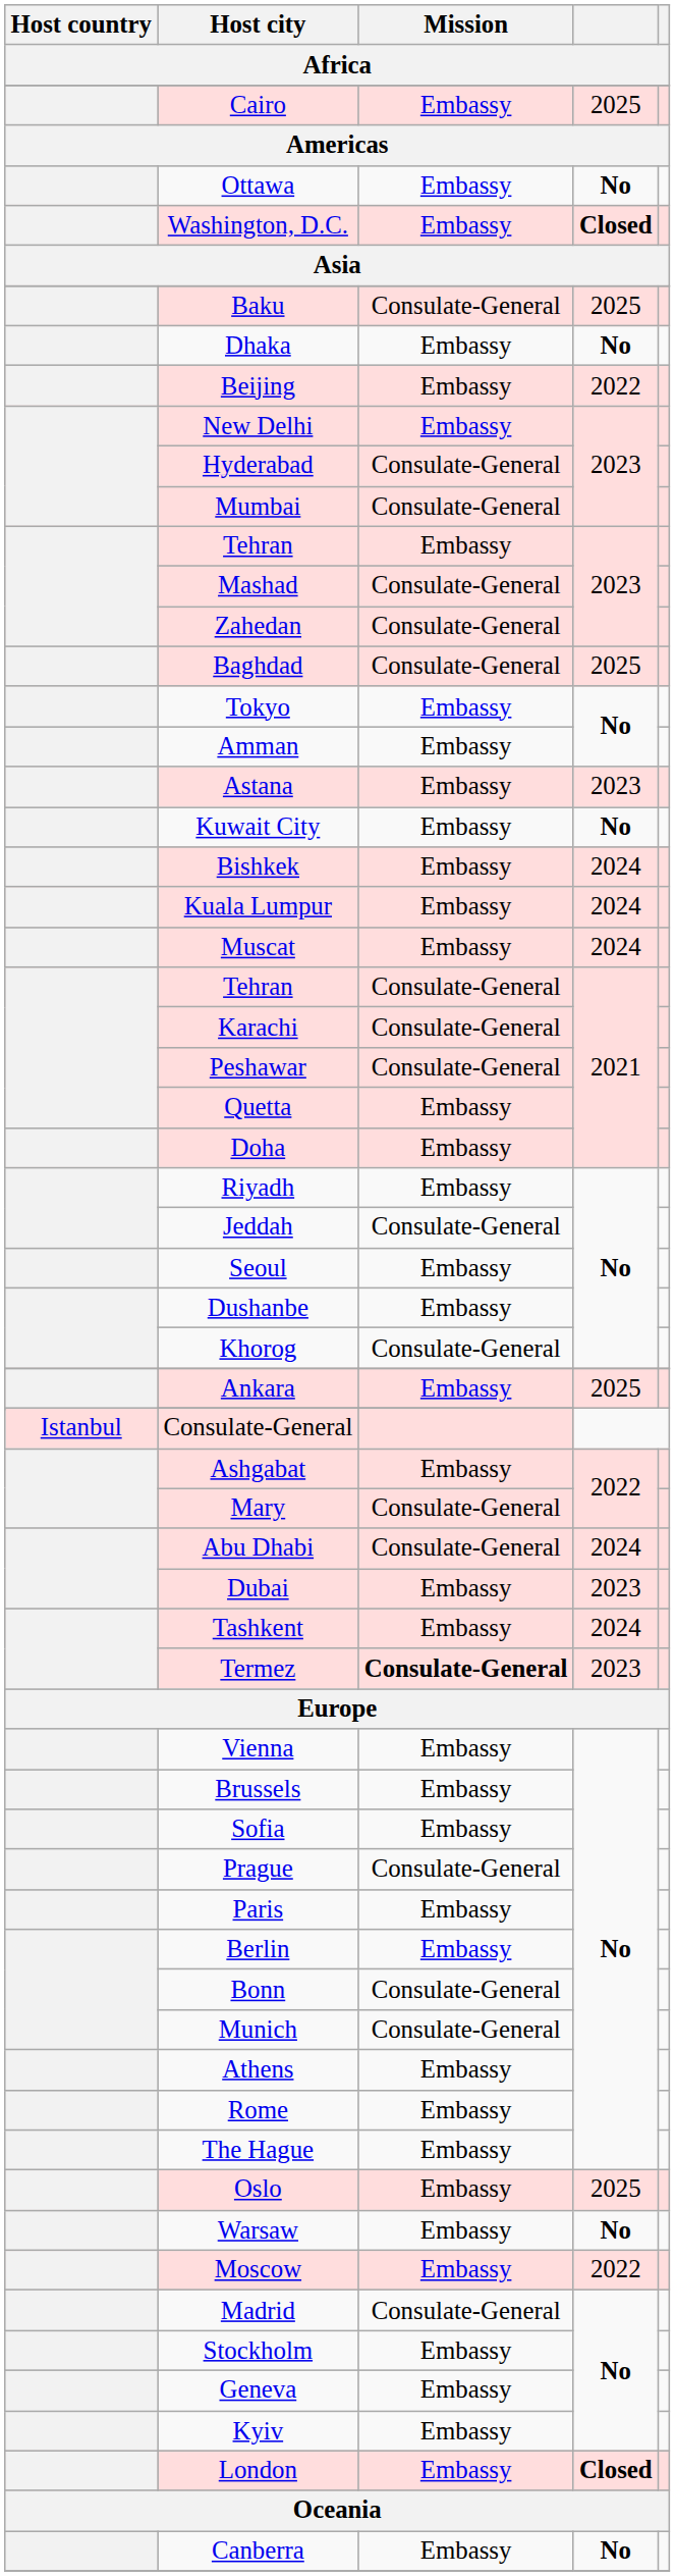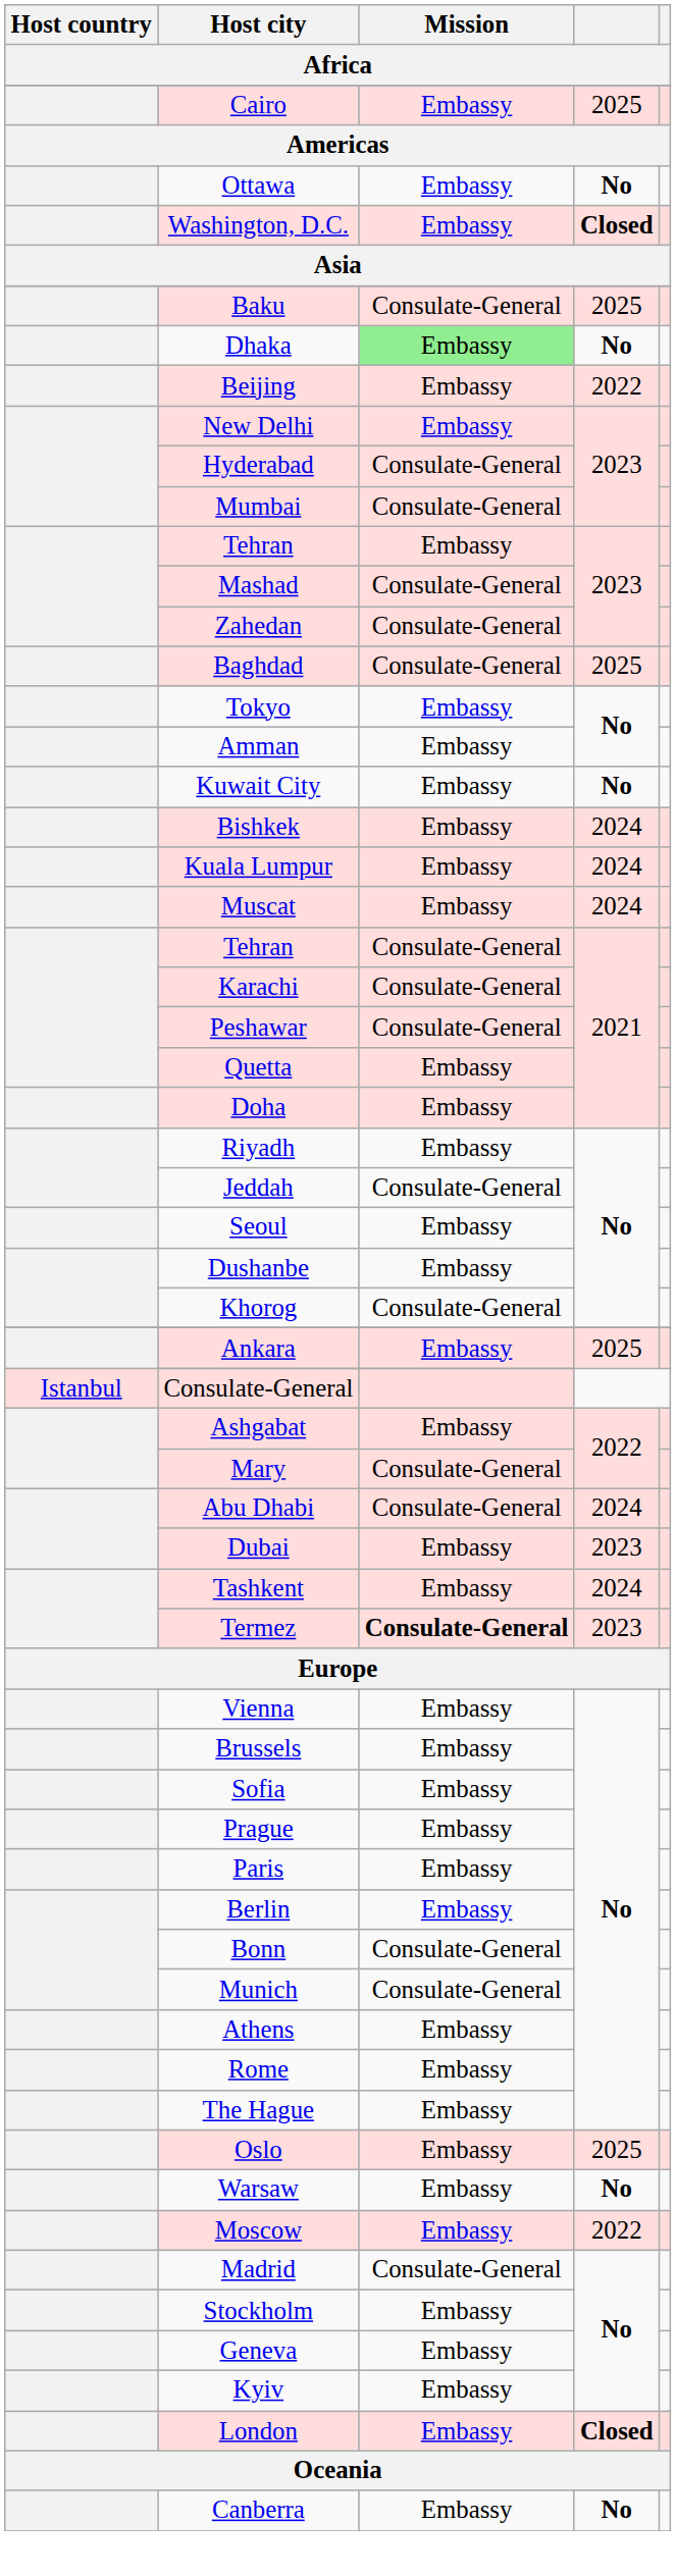 <table class="wikitable plainrowheaders" style="text-align:center;">
 <tr>
 <th scope="col">Host country</th>
 <th scope="col">Host city</th>
 <th scope="col">Mission</th>
 <th scope="col"></th>
 <th scope="col"></th>
 </tr>
 <tr>
 <th colspan=5><div>Africa</div></th>
 </tr>
 <tr>
 </tr>
 <tr style="background:#FDD;">
 <th scope="row"></th>
 <td><a href='#'>Cairo</a></td>
 <td><a href='#'>Embassy</a></td>
 <td>2025</td>
 <td></td>
 </tr>
 <tr>
 <th colspan=5><div>Americas</div></th>
 </tr>
 <tr>
 <th scope="row"></th>
 <td><a href='#'>Ottawa</a></td>
 <td><a href='#'>Embassy</a></td>
 <td><strong>No</strong></td>
 <td></td>
 </tr>
 <tr style="background:#FDD;">
 <th scope="row"></th>
 <td><a href='#'>Washington, D.C.</a></td>
 <td><a href='#'>Embassy</a></td>
 <td><strong>Closed</strong></td>
 <td></td>
 </tr>
 <tr>
 <th colspan=5><div>Asia</div></th>
 </tr>
 <tr>
 </tr>
 <tr style="background:#FDD;">
 <th scope="row"></th>
 <td><a href='#'>Baku</a></td>
 <td>Consulate-General</td>
 <td>2025</td>
 <td></td>
 </tr>
 <tr>
 <th scope="row"></th>
 <td><a href='#'>Dhaka</a></td>
-<td>Embassy</td>
+<td style="background: lightgreen;">Embassy</td>
 <td><strong>No</strong></td>
 <td></td>
 </tr>
 <tr style="background:#FDD;">
 <th scope="row"></th>
 <td><a href='#'>Beijing</a></td>
 <td>Embassy</td>
 <td>2022</td>
 <td></td>
 </tr>
 <tr style="background:#FDD;">
 <th scope="row" ! rowspan="3"></th>
 <td><a href='#'>New Delhi</a></td>
 <td><a href='#'>Embassy</a></td>
 <td rowspan="3">2023</td>
 <td></td>
 </tr>
 <tr style="background:#FDD;">
 <td><a href='#'>Hyderabad</a></td>
 <td>Consulate-General</td>
 <td></td>
 </tr>
 <tr style="background:#FDD;">
 <td><a href='#'>Mumbai</a></td>
 <td>Consulate-General</td>
 <td></td>
 </tr>
 <tr style="background:#FDD;">
 <th scope="row" ! rowspan="3"></th>
 <td><a href='#'>Tehran</a></td>
 <td>Embassy</td>
 <td rowspan="3">2023</td>
 <td></td>
 </tr>
 <tr style="background:#FDD;">
 <td><a href='#'>Mashad</a></td>
 <td>Consulate-General</td>
 <td></td>
 </tr>
 <tr style="background:#FDD;">
 <td><a href='#'>Zahedan</a></td>
 <td>Consulate-General</td>
 <td></td>
 </tr>
 <tr style="background:#FDD;">
 <th scope="row"></th>
 <td><a href='#'>Baghdad</a></td>
 <td>Consulate-General</td>
 <td>2025</td>
 <td></td>
 </tr>
 <tr>
 <th scope="row"></th>
 <td><a href='#'>Tokyo</a></td>
 <td><a href='#'>Embassy</a></td>
 <td rowspan="2"><strong>No</strong></td>
 <td></td>
 </tr>
 <tr>
 <th scope="row"></th>
 <td><a href='#'>Amman</a></td>
 <td>Embassy</td>
-<td></td>
-</tr>
-<tr style="background:#FDD;">
-<th scope="row"></th>
-<td><a href='#'>Astana</a></td>
-<td>Embassy</td>
-<td>2023</td>
 <td></td>
 </tr>
 <tr>
 <th scope="row"></th>
 <td><a href='#'>Kuwait City</a></td>
 <td>Embassy</td>
 <td><strong>No</strong></td>
 <td></td>
 </tr>
 <tr style="background:#FDD;">
 <th scope="row"></th>
 <td><a href='#'>Bishkek</a></td>
 <td>Embassy</td>
 <td>2024</td>
 <td></td>
 </tr>
 <tr style="background:#FDD;">
 <th scope="row"></th>
 <td><a href='#'>Kuala Lumpur</a></td>
 <td>Embassy</td>
 <td>2024</td>
 <td></td>
 </tr>
 <tr style="background:#FDD;">
 <th scope="row"></th>
 <td><a href='#'>Muscat</a></td>
 <td>Embassy</td>
 <td>2024</td>
 <td></td>
 </tr>
 <tr style="background:#FDD;">
 <th scope="row" ! rowspan="4"></th>
 <td><a href='#'>Tehran</a></td>
 <td>Consulate-General</td>
 <td rowspan="5">2021</td>
 <td></td>
 </tr>
 <tr style="background:#FDD;">
 <td><a href='#'>Karachi</a></td>
 <td>Consulate-General</td>
 <td></td>
 </tr>
 <tr style="background:#FDD;">
 <td><a href='#'>Peshawar</a></td>
 <td>Consulate-General</td>
 <td></td>
 </tr>
 <tr style="background:#FDD;">
 <td><a href='#'>Quetta</a></td>
 <td>Embassy</td>
 <td></td>
 </tr>
 <tr style="background:#FDD;">
 <th scope="row"></th>
 <td><a href='#'>Doha</a></td>
 <td>Embassy</td>
 <td></td>
 </tr>
 <tr>
 <th scope="row" ! rowspan="2"></th>
 <td><a href='#'>Riyadh</a></td>
 <td>Embassy</td>
 <td rowspan="5"><strong>No</strong></td>
 <td></td>
 </tr>
 <tr>
 <td><a href='#'>Jeddah</a></td>
 <td>Consulate-General</td>
 <td></td>
 </tr>
 <tr>
 <th scope="row"></th>
 <td><a href='#'>Seoul</a></td>
 <td>Embassy</td>
 <td></td>
 </tr>
 <tr>
 <th scope="row" ! rowspan="2"></th>
 <td><a href='#'>Dushanbe</a></td>
 <td>Embassy</td>
 <td></td>
 </tr>
 <tr>
 <td><a href='#'>Khorog</a></td>
 <td>Consulate-General</td>
 <td></td>
 </tr>
 <tr>
 </tr>
 <tr style="background:#FDD;">
 <th scope="row" ! rowspan="2"></th>
 <td><a href='#'>Ankara</a></td>
 <td><a href='#'>Embassy</a></td>
 <td rowspan="2">2025</td>
 <td></td>
 </tr>
 <tr>
 </tr>
 <tr style="background:#FDD;">
 <td><a href='#'>Istanbul</a></td>
 <td>Consulate-General</td>
 <td></td>
 </tr>
 <tr style="background:#FDD;">
 <th scope="row" ! rowspan="2"></th>
 <td><a href='#'>Ashgabat</a></td>
 <td>Embassy</td>
 <td rowspan="2">2022</td>
 <td></td>
 </tr>
 <tr style="background:#FDD;">
 <td><a href='#'>Mary</a></td>
 <td>Consulate-General</td>
 <td></td>
 </tr>
 <tr style="background:#FDD;">
 <th scope="row" ! rowspan="2"></th>
 <td><a href='#'>Abu Dhabi</a></td>
 <td>Consulate-General</td>
 <td>2024</td>
 <td></td>
 </tr>
 <tr style="background:#FDD;">
 <td><a href='#'>Dubai</a></td>
 <td>Embassy</td>
 <td>2023</td>
 <td></td>
 </tr>
 <tr style="background:#FDD;">
 <th scope="row" ! rowspan="2"></th>
 <td><a href='#'>Tashkent</a></td>
 <td>Embassy</td>
 <td>2024</td>
 <td></td>
 </tr>
 <tr style="background:#FDD;">
 <td><a href='#'>Termez</a></td>
 <td><strong>Consulate-General</strong></td>
 <td>2023</td>
 <td></td>
 </tr>
 <tr>
 <th colspan=5><div>Europe</div></th>
 </tr>
 <tr>
 <th scope="row"></th>
 <td><a href='#'>Vienna</a></td>
 <td>Embassy</td>
 <td rowspan="11"><strong>No</strong></td>
 <td></td>
 </tr>
 <tr>
 <th scope="row"></th>
 <td><a href='#'>Brussels</a></td>
 <td>Embassy</td>
 <td></td>
 </tr>
 <tr>
 <th scope="row"></th>
 <td><a href='#'>Sofia</a></td>
 <td>Embassy</td>
 <td></td>
 </tr>
 <tr>
 <th scope="row"></th>
 <td><a href='#'>Prague</a></td>
-<td>Consulate-General</td>
+<td>Embassy</td>
 <td></td>
 </tr>
 <tr>
 <th scope="row"></th>
 <td><a href='#'>Paris</a></td>
 <td>Embassy</td>
 <td></td>
 </tr>
 <tr>
 <th scope="row" ! rowspan="3"></th>
 <td><a href='#'>Berlin</a></td>
 <td><a href='#'>Embassy</a></td>
 <td></td>
 </tr>
 <tr>
 <td><a href='#'>Bonn</a></td>
 <td>Consulate-General</td>
 <td></td>
 </tr>
 <tr>
 <td><a href='#'>Munich</a></td>
 <td>Consulate-General</td>
 <td></td>
 </tr>
 <tr>
 <th scope="row"></th>
 <td><a href='#'>Athens</a></td>
 <td>Embassy</td>
 <td></td>
 </tr>
 <tr>
 <th scope="row"></th>
 <td><a href='#'>Rome</a></td>
 <td>Embassy</td>
 <td></td>
 </tr>
 <tr>
 <th scope="row"></th>
 <td><a href='#'>The Hague</a></td>
 <td>Embassy</td>
 <td></td>
 </tr>
 <tr style="background:#FDD">
 <th scope="row"></th>
 <td><a href='#'>Oslo</a></td>
 <td>Embassy</td>
 <td>2025</td>
 <td></td>
 </tr>
 <tr>
 <th scope="row"></th>
 <td><a href='#'>Warsaw</a></td>
 <td>Embassy</td>
 <td><strong>No</strong></td>
 <td></td>
 </tr>
 <tr style="background:#FDD;">
 <th scope="row"></th>
 <td><a href='#'>Moscow</a></td>
 <td><a href='#'>Embassy</a></td>
 <td>2022</td>
 <td></td>
 </tr>
 <tr>
 <th scope="row"></th>
 <td><a href='#'>Madrid</a></td>
 <td>Consulate-General</td>
 <td rowspan="4"><strong>No</strong></td>
 <td></td>
 </tr>
 <tr>
 <th scope="row"></th>
 <td><a href='#'>Stockholm</a></td>
 <td>Embassy</td>
 <td></td>
 </tr>
 <tr>
 <th scope="row"></th>
 <td><a href='#'>Geneva</a></td>
 <td>Embassy</td>
 <td></td>
 </tr>
 <tr>
 <th scope="row"></th>
 <td><a href='#'>Kyiv</a></td>
 <td>Embassy</td>
 <td></td>
 </tr>
 <tr style="background:#FDD;">
 <th scope="row"></th>
 <td><a href='#'>London</a></td>
 <td><a href='#'>Embassy</a></td>
 <td><strong>Closed</strong></td>
 <td></td>
 </tr>
 <tr>
 <th colspan=5><div>Oceania</div></th>
 </tr>
 <tr>
 <th scope="row"></th>
 <td><a href='#'>Canberra</a></td>
 <td>Embassy</td>
 <td><strong>No</strong></td>
 <td></td>
 </tr>
 <tr>
 </tr>
 </table>
